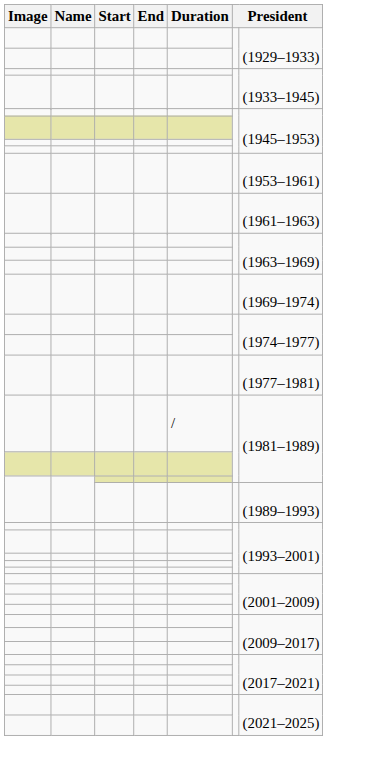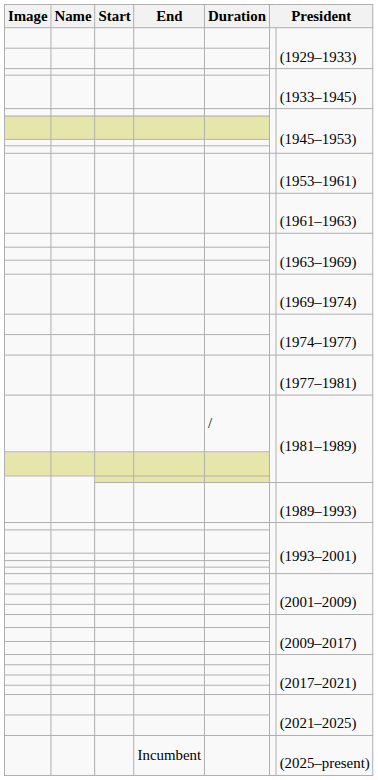 <table class="wikitable sortable">
 <tr>
 <th class=unsortable>Image</th>
 <th>Name</th>
 <th>Start</th>
 <th>End</th>
 <th>Duration</th>
 <th colspan=2>President</th>
 </tr>
 <tr>
 <td></td>
 <td></td>
 <td></td>
 <td></td>
 <td></td>
 <td rowspan=2 style="background: "></td>
 <td rowspan=2><br>(1929–1933)</td>
 </tr>
 <tr>
 <td></td>
 <td></td>
 <td></td>
 <td></td>
 <td></td>
 </tr>
 <tr>
 <td></td>
 <td></td>
 <td></td>
 <td></td>
 <td></td>
 <td rowspan=2 style="background: "></td>
 <td rowspan=2><br>(1933–1945)</td>
 </tr>
 <tr>
 <td rowspan=2 style="padding-top: 1em; padding-bottom: 1em;"></td>
 <td rowspan=2 style="padding-top: 1em; padding-bottom: 1em;"></td>
 <td rowspan=2 style="padding-top: 1em; padding-bottom: 1em;"></td>
 <td rowspan=2 style="padding-top: 1em; padding-bottom: 1em;"></td>
 <td rowspan=2 style="padding-top: 1em; padding-bottom: 1em;"></td>
 </tr>
 <tr>
 <td rowspan=5 style="background: "></td>
 <td rowspan=5><br>(1945–1953)</td>
 </tr>
 <tr>
 <td></td>
 <td></td>
 <td></td>
 <td></td>
 <td></td>
 </tr>
 <tr bgcolor="#e6e6aa">
 <td></td>
 <td><br></td>
 <td></td>
 <td></td>
 <td></td>
 </tr>
 <tr>
 <td></td>
 <td></td>
 <td></td>
 <td></td>
 <td></td>
 </tr>
 <tr>
 <td></td>
 <td></td>
 <td></td>
 <td></td>
 <td></td>
 </tr>
 <tr>
 <td></td>
 <td></td>
 <td></td>
 <td></td>
 <td></td>
 <td style="background: "></td>
 <td><br>(1953–1961)</td>
 </tr>
 <tr>
 <td rowspan=2 style="padding-top: 1em; padding-bottom: 1em;"></td>
 <td rowspan=2 style="padding-top: 1em; padding-bottom: 1em;"></td>
 <td rowspan=2 style="padding-top: 1em; padding-bottom: 1em;"></td>
 <td rowspan=2 style="padding-top: 1em; padding-bottom: 1em;"></td>
 <td rowspan=2 style="padding-top: 1em; padding-bottom: 1em;"></td>
 <td style="background: "></td>
 <td><br>(1961–1963)</td>
 </tr>
 <tr>
 <td rowspan=4 style="background: "></td>
 <td rowspan=4><br>(1963–1969)</td>
 </tr>
 <tr>
 <td></td>
 <td></td>
 <td></td>
 <td></td>
 <td></td>
 </tr>
 <tr>
 <td></td>
 <td></td>
 <td></td>
 <td></td>
 <td></td>
 </tr>
 <tr>
 <td></td>
 <td></td>
 <td></td>
 <td></td>
 <td></td>
 </tr>
 <tr>
 <td></td>
 <td></td>
 <td></td>
 <td></td>
 <td></td>
 <td style="background: "></td>
 <td><br>(1969–1974)</td>
 </tr>
 <tr>
 <td></td>
 <td></td>
 <td></td>
 <td></td>
 <td></td>
 <td rowspan=2 style="background: "></td>
 <td rowspan=2><br>(1974–1977)</td>
 </tr>
 <tr>
 <td></td>
 <td></td>
 <td></td>
 <td></td>
 <td></td>
 </tr>
 <tr>
 <td></td>
 <td></td>
 <td></td>
 <td></td>
 <td></td>
 <td style="background: "></td>
 <td><br>(1977–1981)</td>
 </tr>
 <tr>
 <td></td>
 <td></td>
 <td></td>
 <td><br><br><br></td>
 <td>/<br></td>
 <td rowspan=3 style="background: "></td>
 <td rowspan=3><br>(1981–1989)</td>
 </tr>
 <tr bgcolor="#e6e6aa">
 <td></td>
 <td><br></td>
 <td></td>
 <td></td>
 <td></td>
 </tr>
 <tr>
 <td rowspan=2></td>
 <td rowspan=2></td>
 <td style="background-color:#E6E6AA;"></td>
 <td style="background-color:#E6E6AA;"></td>
 <td style="background-color:#E6E6AA;"></td>
 </tr>
 <tr>
 <td></td>
 <td></td>
 <td></td>
 <td style="background: "></td>
 <td><br>(1989–1993)</td>
 </tr>
 <tr>
 <td></td>
 <td></td>
 <td></td>
 <td></td>
 <td></td>
 <td rowspan=5 style="background: "></td>
 <td rowspan=5><br>(1993–2001)</td>
 </tr>
 <tr>
 <td></td>
 <td><br><em></em></td>
 <td></td>
 <td></td>
 <td></td>
 </tr>
 <tr>
 <td></td>
 <td></td>
 <td></td>
 <td></td>
 <td></td>
 </tr>
 <tr>
 <td></td>
 <td></td>
 <td></td>
 <td></td>
 <td></td>
 </tr>
 <tr>
 <td></td>
 <td></td>
 <td></td>
 <td></td>
 <td></td>
 </tr>
 <tr>
 <td></td>
 <td></td>
 <td></td>
 <td></td>
 <td></td>
 <td rowspan=4 style="background: "></td>
 <td rowspan=4><br>(2001–2009)</td>
 </tr>
 <tr>
 <td></td>
 <td></td>
 <td></td>
 <td></td>
 <td></td>
 </tr>
 <tr>
 <td></td>
 <td></td>
 <td></td>
 <td></td>
 <td></td>
 </tr>
 <tr>
 <td></td>
 <td></td>
 <td></td>
 <td></td>
 <td></td>
 </tr>
 <tr>
 <td></td>
 <td></td>
 <td></td>
 <td></td>
 <td></td>
 <td rowspan=3 style="background: "></td>
 <td rowspan=3><br>(2009–2017)</td>
 </tr>
 <tr>
 <td></td>
 <td></td>
 <td></td>
 <td></td>
 <td></td>
 </tr>
 <tr>
 <td></td>
 <td></td>
 <td></td>
 <td></td>
 <td></td>
 </tr>
 <tr>
 <td></td>
 <td></td>
 <td></td>
 <td></td>
 <td></td>
 <td rowspan=4 style="background: "></td>
 <td rowspan=4><br>(2017–2021)</td>
 </tr>
 <tr>
 <td></td>
 <td></td>
 <td></td>
 <td></td>
 <td></td>
 </tr>
 <tr>
 <td></td>
 <td></td>
 <td></td>
 <td></td>
 <td></td>
 </tr>
 <tr>
 <td></td>
 <td></td>
 <td></td>
 <td></td>
 <td></td>
 </tr>
 <tr>
 <td></td>
 <td></td>
 <td></td>
 <td></td>
 <td></td>
 <td rowspan=2 style="background: "></td>
 <td rowspan=2><br>(2021–2025)</td>
 </tr>
 <tr>
 <td></td>
 <td></td>
 <td></td>
 <td></td>
 <td></td>
 </tr>
+<tr>
+<td></td>
+<td></td>
+<td></td>
+<td>Incumbent</td>
+<td></td>
+<td style="background: "></td>
+<td><br>(2025–present)</td>
+</tr>
 </table>
